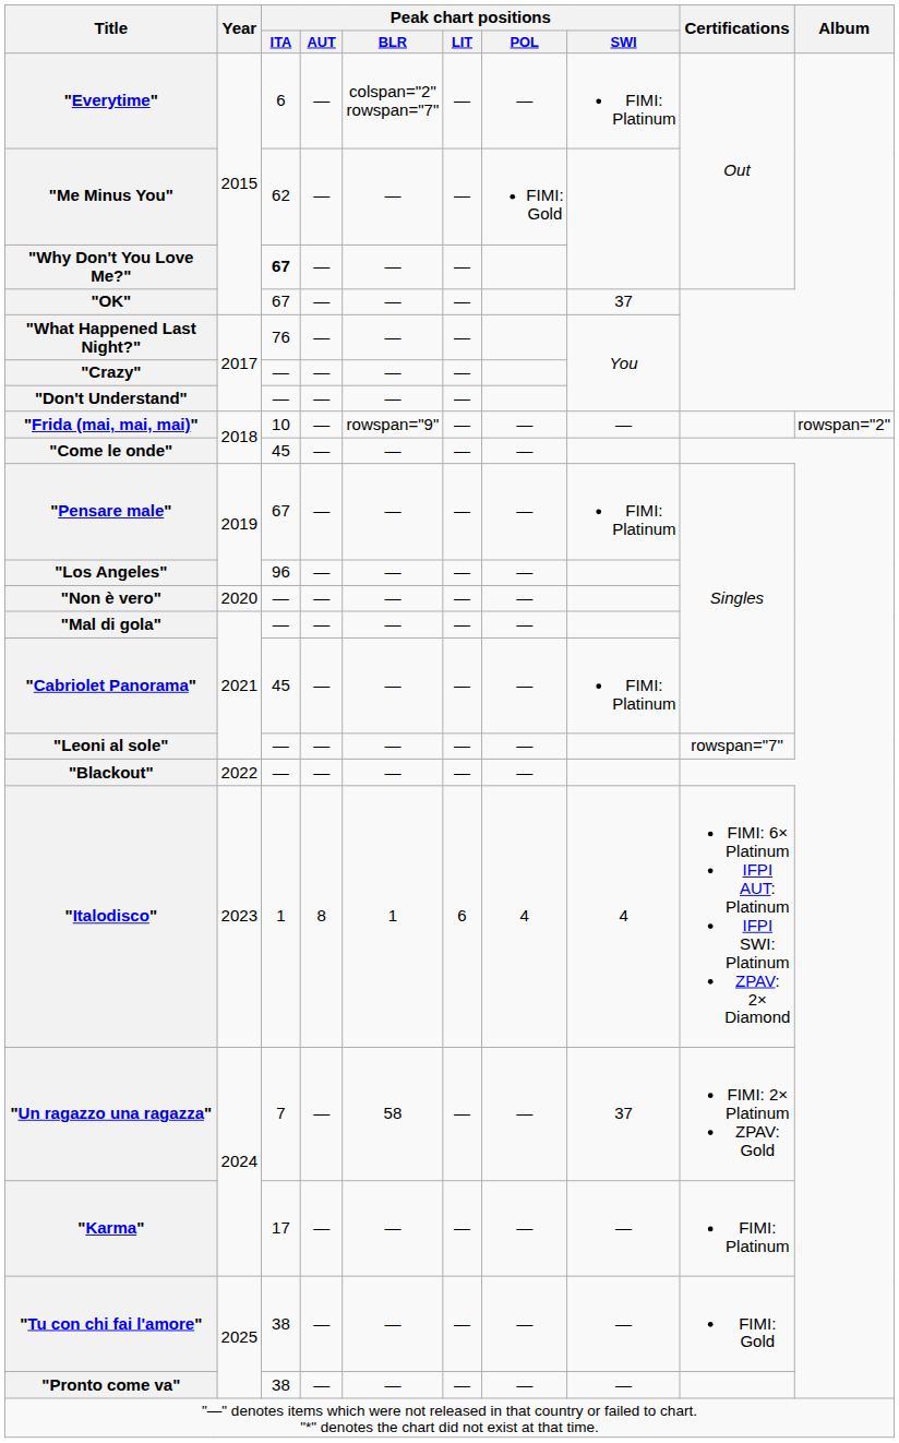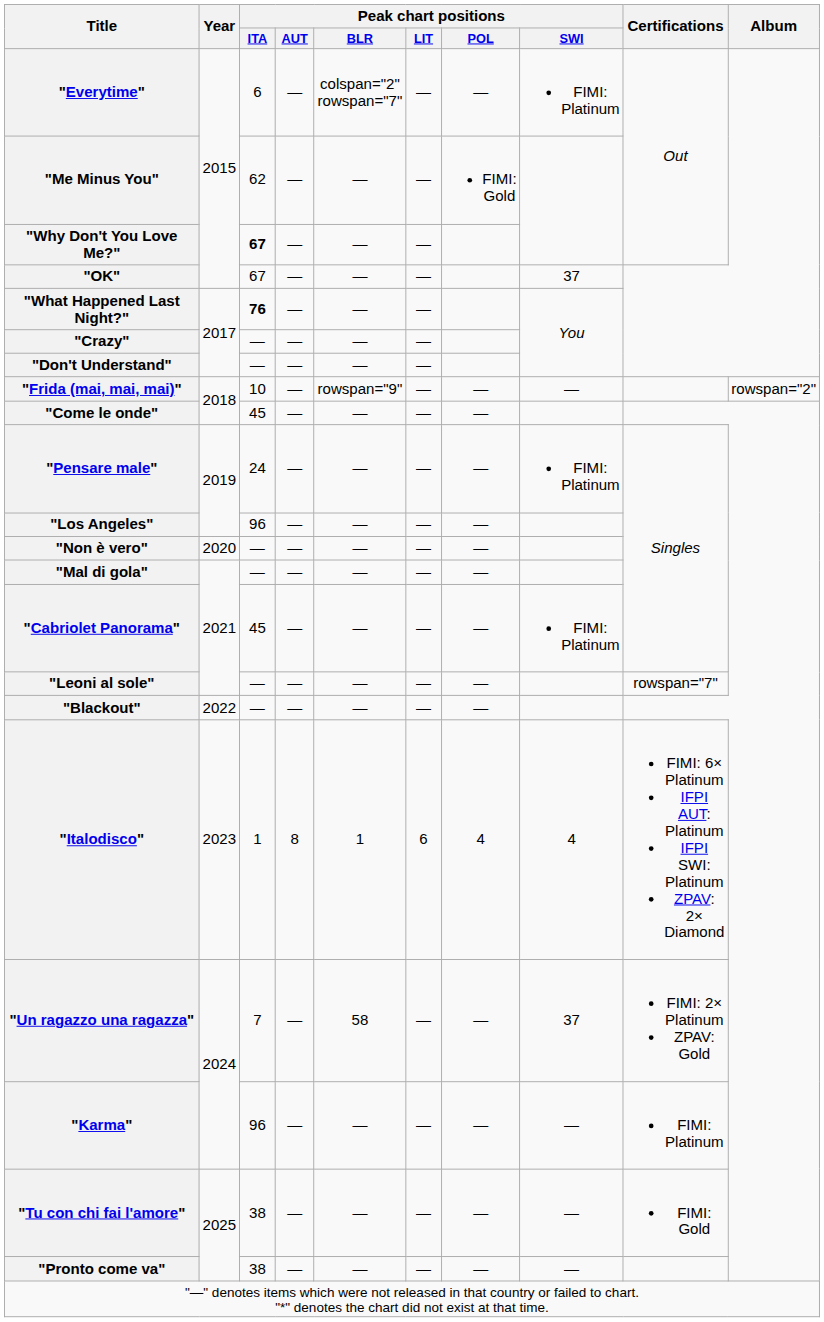 <table class="wikitable plainrowheaders" style="text-align:center;">
 <tr>
 <th scope="col" rowspan="2" style="width:18em;">Title</th>
 <th scope="col" rowspan="2" style="width:1em;">Year</th>
 <th scope="col" colspan="6">Peak chart positions</th>
 <th scope="col" rowspan="2">Certifications</th>
 <th scope="col" rowspan="2">Album</th>
 </tr>
 <tr>
 <th scope="col" style="width:3em;font-size:85%;"><a href='#'>ITA</a><br></th>
 <th scope="col" style="width:3em;font-size:85%;"><a href='#'>AUT</a><br></th>
 <th scope="col" style="width:3em;font-size:85%;"><a href='#'>BLR</a><br></th>
 <th scope="col" style="width:3em;font-size:85%;"><a href='#'>LIT</a><br></th>
 <th scope="col" style="width:3em;font-size:85%;"><a href='#'>POL</a><br></th>
 <th scope="col" style="width:3em;font-size:85%;"><a href='#'>SWI</a><br></th>
 </tr>
 <tr>
 <th scope="row">"<a href='#'>Everytime</a>"</th>
 <td rowspan="4">2015</td>
 <td>6</td>
 <td>—</td>
 <td>colspan="2" rowspan="7" </td>
 <td>—</td>
 <td>—</td>
 <td><br><ul><li>FIMI: Platinum</li></ul></td>
 <td rowspan="3"><em>Out</em></td>
 </tr>
 <tr>
 <th scope="row">"Me Minus You"</th>
 <td>62</td>
 <td>—</td>
 <td>—</td>
 <td>—</td>
 <td><br><ul><li>FIMI: Gold</li></ul></td>
 </tr>
 <tr>
 <th scope="row">"Why Don't You Love Me?"</th>
 <td><strong>67</strong></td>
 <td>—</td>
 <td>—</td>
 <td>—</td>
 <td></td>
 </tr>
 <tr>
 <th scope="row">"OK"</th>
 <td>67</td>
 <td>—</td>
 <td>—</td>
 <td>—</td>
 <td></td>
 <td>37</td>
 </tr>
 <tr>
 <th scope="row">"What Happened Last Night?"<br></th>
 <td rowspan="3">2017</td>
-<td>76</td>
+<td><strong>76</strong></td>
 <td>—</td>
 <td>—</td>
 <td>—</td>
 <td></td>
 <td rowspan="3"><em>You</em></td>
 </tr>
 <tr>
 <th scope="row">"Crazy"</th>
 <td>—</td>
 <td>—</td>
 <td>—</td>
 <td>—</td>
 <td></td>
 </tr>
 <tr>
 <th scope="row">"Don't Understand"</th>
 <td>—</td>
 <td>—</td>
 <td>—</td>
 <td>—</td>
 <td></td>
 </tr>
 <tr>
 <th scope="row">"<a href='#'>Frida (mai, mai, mai)</a>"</th>
 <td rowspan="2">2018</td>
 <td>10</td>
 <td>—</td>
 <td>rowspan="9" </td>
 <td>—</td>
 <td>—</td>
 <td>—</td>
 <td></td>
 <td>rowspan="2" </td>
 </tr>
 <tr>
 <th scope="row">"Come le onde"<br></th>
 <td>45</td>
 <td>—</td>
 <td>—</td>
 <td>—</td>
 <td>—</td>
 <td></td>
 </tr>
 <tr>
 <th scope="row">"<a href='#'>Pensare male</a>"<br></th>
 <td rowspan="2">2019</td>
-<td>67</td>
+<td>24</td>
 <td>—</td>
 <td>—</td>
 <td>—</td>
 <td>—</td>
 <td><br><ul><li>FIMI: Platinum</li></ul></td>
 <td rowspan="5"><em>Singles</em></td>
 </tr>
 <tr>
 <th scope="row">"Los Angeles"<br></th>
 <td>96</td>
 <td>—</td>
 <td>—</td>
 <td>—</td>
 <td>—</td>
 <td></td>
 </tr>
 <tr>
 <th scope="row">"Non è vero"</th>
 <td rowspan>2020</td>
 <td>—</td>
 <td>—</td>
 <td>—</td>
 <td>—</td>
 <td>—</td>
 <td></td>
 </tr>
 <tr>
 <th scope="row">"Mal di gola"</th>
 <td rowspan="3">2021</td>
 <td>—</td>
 <td>—</td>
 <td>—</td>
 <td>—</td>
 <td>—</td>
 <td></td>
 </tr>
 <tr>
 <th scope="row">"<a href='#'>Cabriolet Panorama</a>"</th>
 <td>45</td>
 <td>—</td>
 <td>—</td>
 <td>—</td>
 <td>—</td>
 <td><br><ul><li>FIMI: Platinum</li></ul></td>
 </tr>
 <tr>
 <th scope="row">"Leoni al sole"</th>
 <td>—</td>
 <td>—</td>
 <td>—</td>
 <td>—</td>
 <td>—</td>
 <td></td>
 <td>rowspan="7" </td>
 </tr>
 <tr>
 <th scope="row">"Blackout"</th>
 <td>2022</td>
 <td>—</td>
 <td>—</td>
 <td>—</td>
 <td>—</td>
 <td>—</td>
 <td></td>
 </tr>
 <tr>
 <th scope="row">"<a href='#'>Italodisco</a>"</th>
 <td>2023</td>
 <td>1</td>
 <td>8</td>
 <td>1</td>
 <td>6</td>
 <td>4</td>
 <td>4</td>
 <td><br><ul><li>FIMI: 6× Platinum</li><li><a href='#'>IFPI AUT</a>: Platinum</li><li><a href='#'>IFPI</a> SWI: Platinum</li><li><a href='#'>ZPAV</a>: 2× Diamond</li></ul></td>
 </tr>
 <tr>
 <th scope="row">"<a href='#'>Un ragazzo una ragazza</a>"</th>
 <td rowspan="2">2024</td>
 <td>7</td>
 <td>—</td>
 <td>58</td>
 <td>—</td>
 <td>—</td>
 <td>37</td>
 <td><br><ul><li>FIMI: 2× Platinum</li><li>ZPAV: Gold</li></ul></td>
 </tr>
 <tr>
 <th scope="row">"<a href='#'>Karma</a>"</th>
-<td>17</td>
+<td>96</td>
 <td>—</td>
 <td>—</td>
 <td>—</td>
 <td>—</td>
 <td>—</td>
 <td><br><ul><li>FIMI: Platinum</li></ul></td>
 </tr>
 <tr>
 <th scope="row">"<a href='#'>Tu con chi fai l'amore</a>"</th>
 <td rowspan="2">2025</td>
 <td>38<br></td>
 <td>—</td>
 <td>—</td>
 <td>—</td>
 <td>—</td>
 <td>—</td>
 <td><br><ul><li>FIMI: Gold</li></ul></td>
 </tr>
 <tr>
 <th scope="row">"Pronto come va"</th>
 <td>38<br></td>
 <td>—</td>
 <td>—</td>
 <td>—</td>
 <td>—</td>
 <td>—</td>
 <td></td>
 </tr>
 <tr>
 <td colspan="22" style="font-size:90%;">"—" denotes items which were not released in that country or failed to chart.<br>"*" denotes the chart did not exist at that time.</td>
 </tr>
 </table>
